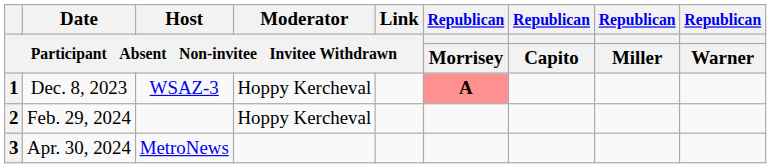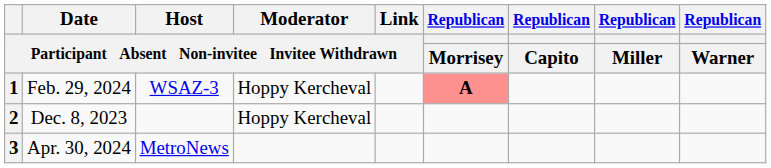 <table class="wikitable" style="text-align:center;">
 <tr>
 <th scope="col"></th>
 <th scope="col">Date</th>
 <th scope="col">Host</th>
 <th scope="col">Moderator</th>
 <th scope="col">Link</th>
 <th scope="col"><small><a href='#'>Republican</a></small></th>
 <th scope="col"><small><a href='#'>Republican</a></small></th>
 <th scope="col"><small><a href='#'>Republican</a></small></th>
 <th scope="col"><small><a href='#'>Republican</a></small></th>
 </tr>
 <tr>
 <th colspan="5" rowspan="2"> <small>Participant  </small> <small>Absent  </small> <small>Non-invitee  </small> <small>Invitee Withdrawn</small></th>
 <th scope="col" style="background:"></th>
 <th scope="col" style="background:"></th>
 <th scope="col" style="background:"></th>
 <th scope="col" style="background:"></th>
 </tr>
 <tr>
 <th scope="col">Morrisey</th>
 <th scope="col">Capito</th>
 <th scope="col">Miller</th>
 <th scope="col">Warner</th>
 </tr>
 <tr>
 <th>1</th>
-<td style="white-space:nowrap;">Dec. 8, 2023</td>
+<td style="white-space:nowrap;">Feb. 29, 2024</td>
 <td style="white-space:nowrap;"><a href='#'>WSAZ-3</a></td>
 <td style="white-space:nowrap;">Hoppy Kercheval</td>
 <td style="white-space:nowrap;"></td>
 <td style="background:#ff9090; color:black; text-align:center;"><strong>A</strong></td>
 <td></td>
 <td></td>
 <td></td>
 </tr>
 <tr>
 <th>2</th>
-<td style="white-space:nowrap;">Feb. 29, 2024</td>
+<td style="white-space:nowrap;">Dec. 8, 2023</td>
 <td style="white-space:nowrap;"></td>
 <td style="white-space:nowrap;">Hoppy Kercheval</td>
 <td style="white-space:nowrap;"></td>
 <td></td>
 <td></td>
 <td></td>
 <td></td>
 </tr>
 <tr>
 <th>3</th>
 <td style="white-space:nowrap;">Apr. 30, 2024</td>
 <td style="white-space:nowrap;"><a href='#'>MetroNews</a></td>
 <td style="white-space:nowrap;"></td>
 <td style="white-space:nowrap;"></td>
 <td></td>
 <td></td>
 <td></td>
 <td></td>
 </tr>
 </table>
